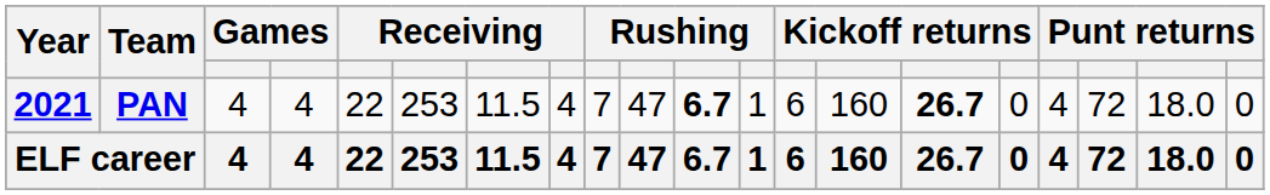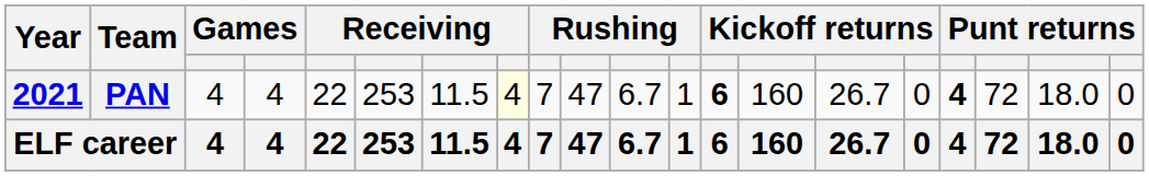 <table class="wikitable" style="text-align: center;">
 <tr>
 <th rowspan="2">Year</th>
 <th rowspan="2">Team</th>
 <th colspan="2">Games</th>
 <th colspan="4">Receiving</th>
 <th colspan="4">Rushing</th>
 <th colspan="4">Kickoff returns</th>
 <th colspan="4">Punt returns</th>
 </tr>
 <tr>
 <th></th>
 <th></th>
 <th></th>
 <th></th>
 <th></th>
 <th></th>
 <th></th>
 <th></th>
 <th></th>
 <th></th>
 <th></th>
 <th></th>
 <th></th>
 <th></th>
 <th></th>
 <th></th>
 <th></th>
 <th></th>
 </tr>
 <tr>
 <th><a href='#'>2021</a></th>
 <th><a href='#'>PAN</a></th>
 <td>4</td>
 <td>4</td>
 <td>22</td>
 <td>253</td>
 <td>11.5</td>
-<td>4</td>
+<td style="background: lightyellow;">4</td>
 <td>7</td>
 <td>47</td>
-<td><strong>6.7</strong></td>
+<td>6.7</td>
 <td>1</td>
-<td>6</td>
+<td><strong>6</strong></td>
 <td>160</td>
-<td><strong>26.7</strong></td>
+<td>26.7</td>
 <td>0</td>
-<td>4</td>
+<td><strong>4</strong></td>
 <td>72</td>
 <td>18.0</td>
 <td>0</td>
 </tr>
 <tr>
 <th colspan="2">ELF career</th>
 <th>4</th>
 <th>4</th>
 <th>22</th>
 <th>253</th>
 <th>11.5</th>
 <th>4</th>
 <th>7</th>
 <th>47</th>
 <th>6.7</th>
 <th>1</th>
 <th>6</th>
 <th>160</th>
 <th>26.7</th>
 <th>0</th>
 <th>4</th>
 <th>72</th>
 <th>18.0</th>
 <th>0</th>
 </tr>
 </table>
